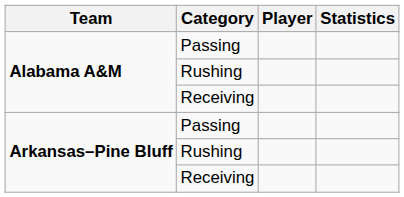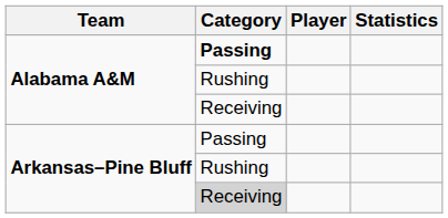 <table class="wikitable" style="float: right;">
 <tr>
 <th>Team</th>
 <th>Category</th>
 <th>Player</th>
 <th>Statistics</th>
 </tr>
 <tr>
 <td rowspan=3><strong>Alabama A&M</strong></td>
-<td>Passing</td>
+<td><strong>Passing</strong></td>
 <td></td>
 <td></td>
 </tr>
 <tr>
 <td>Rushing</td>
 <td></td>
 <td></td>
 </tr>
 <tr>
 <td>Receiving</td>
 <td></td>
 <td></td>
 </tr>
 <tr>
 <td rowspan=3><strong>Arkansas–Pine Bluff</strong></td>
 <td>Passing</td>
 <td></td>
 <td></td>
 </tr>
 <tr>
 <td>Rushing</td>
 <td></td>
 <td></td>
 </tr>
 <tr>
-<td>Receiving</td>
+<td style="background: lightgrey;">Receiving</td>
 <td></td>
 <td></td>
 </tr>
 </table>
